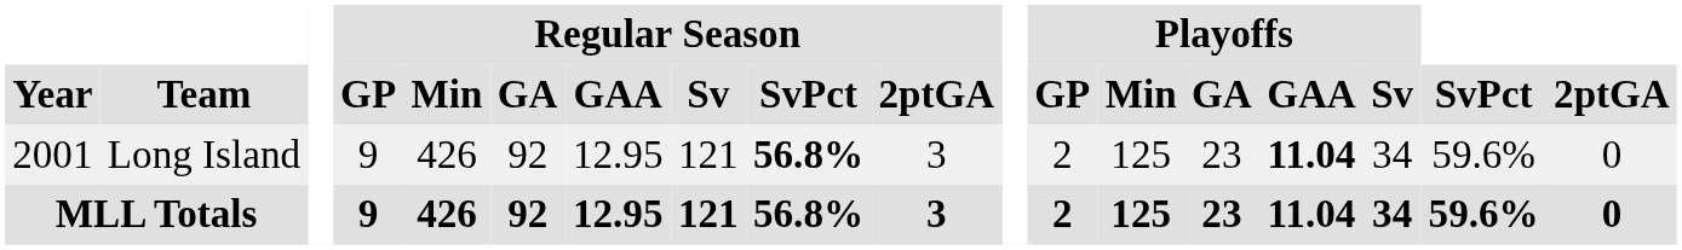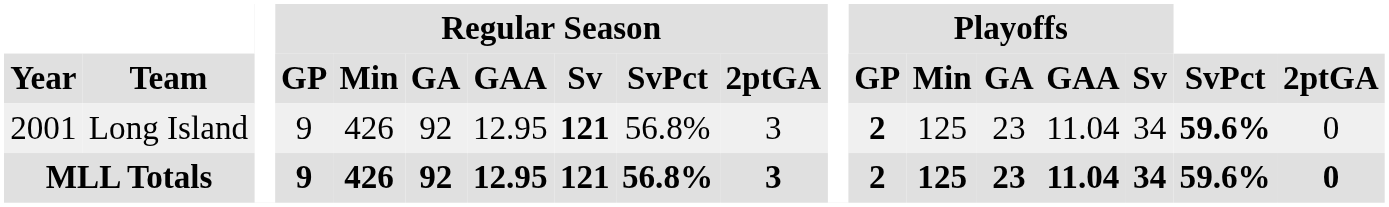 <table BORDER="0" CELLPADDING="3" CELLSPACING="0">
 <tr ALIGN="center" bgcolor="#e0e0e0">
 <th colspan="2" bgcolor="#ffffff"> </th>
 <th rowspan="99" bgcolor="#ffffff"> </th>
 <th colspan="7">Regular Season</th>
 <th rowspan="99" bgcolor="#ffffff"> </th>
 <th colspan="5">Playoffs</th>
 </tr>
 <tr ALIGN="center" bgcolor="#e0e0e0">
 <th>Year</th>
 <th>Team</th>
 <th>GP</th>
 <th>Min</th>
 <th>GA</th>
 <th>GAA</th>
 <th>Sv</th>
 <th>SvPct</th>
 <th>2ptGA</th>
 <th>GP</th>
 <th>Min</th>
 <th>GA</th>
 <th>GAA</th>
 <th>Sv</th>
 <th>SvPct</th>
 <th>2ptGA</th>
 </tr>
 <tr ALIGN="center" bgcolor="#f0f0f0">
 <td>2001</td>
 <td>Long Island</td>
 <td>9</td>
 <td>426</td>
 <td>92</td>
 <td>12.95</td>
-<td>121</td>
-<td><strong>56.8%</strong></td>
+<td><strong>121</strong></td>
+<td>56.8%</td>
 <td>3</td>
-<td>2</td>
+<td><strong>2</strong></td>
 <td>125</td>
 <td>23</td>
-<td><strong>11.04</strong></td>
+<td>11.04</td>
 <td>34</td>
-<td>59.6%</td>
+<td><strong>59.6%</strong></td>
 <td>0</td>
 </tr>
 <tr ALIGN="center" bgcolor="#e0e0e0">
 <th colspan="2">MLL Totals</th>
 <th>9</th>
 <th>426</th>
 <th>92</th>
 <th>12.95</th>
 <th>121</th>
 <th>56.8%</th>
 <th>3</th>
 <th>2</th>
 <th>125</th>
 <th>23</th>
 <th>11.04</th>
 <th>34</th>
 <th>59.6%</th>
 <th>0</th>
 </tr>
 </table>
